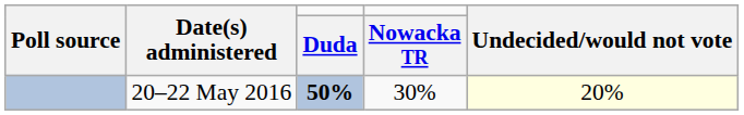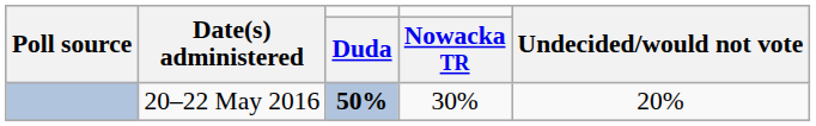 <table class="wikitable" style="text-align:center;font-size:85%;line-height:14px;">
 <tr>
 <th rowspan="2">Poll source</th>
 <th rowspan="2">Date(s)<br>administered</th>
 <td></td>
 <td></td>
 <th rowspan="2">Undecided/would not vote</th>
 </tr>
 <tr>
 <th><a href='#'>Duda</a><br></th>
 <th><a href='#'>Nowacka</a><br><small><a href='#'>TR</a></small></th>
 </tr>
 <tr>
 <td style="background:lightsteelblue;"></td>
 <td>20–22 May 2016</td>
 <td style="background:lightsteelblue;"><strong>50%</strong></td>
 <td>30%</td>
-<td style="background: lightyellow;">20%</td>
+<td>20%</td>
 </tr>
 </table>
